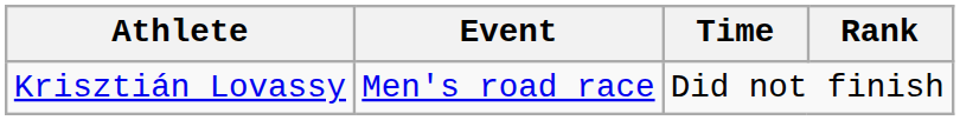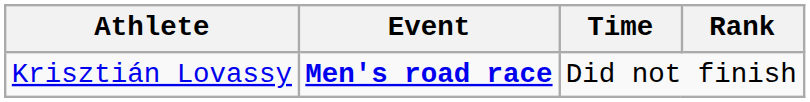 <table class=wikitable style="font-size:90%;">
 <tr>
 <th>Athlete</th>
 <th>Event</th>
 <th>Time</th>
 <th>Rank</th>
 </tr>
 <tr align=center>
 <td align=left><a href='#'>Krisztián Lovassy</a></td>
-<td align=left><a href='#'>Men's road race</a></td>
+<td align=left><strong><a href='#'>Men's road race</a></strong></td>
 <td colspan=2>Did not finish</td>
 </tr>
 </table>
